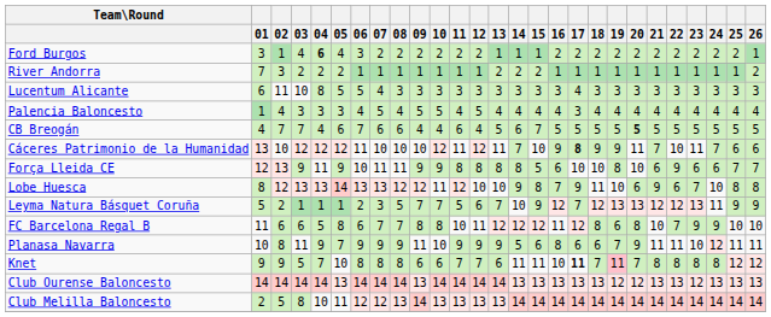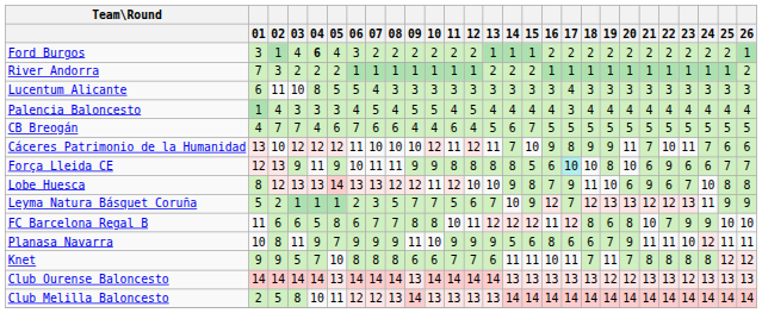 <table class="wikitable sortable" style="text-align: center;">
 <tr>
 <th>Team\Round</th>
 <th></th>
 <th></th>
 <th></th>
 <th></th>
 <th></th>
 <th></th>
 <th></th>
 <th></th>
 <th></th>
 <th></th>
 <th></th>
 <th></th>
 <th></th>
 <th></th>
 <th></th>
 <th></th>
 <th></th>
 <th></th>
 <th></th>
 <th></th>
 <th></th>
 <th></th>
 <th></th>
 <th></th>
 <th></th>
 <th></th>
 </tr>
 <tr>
 <th></th>
 <th>01</th>
 <th>02</th>
 <th>03</th>
 <th>04</th>
 <th>05</th>
 <th>06</th>
 <th>07</th>
 <th>08</th>
 <th>09</th>
 <th>10</th>
 <th>11</th>
 <th>12</th>
 <th>13</th>
 <th>14</th>
 <th>15</th>
 <th>16</th>
 <th>17</th>
 <th>18</th>
 <th>19</th>
 <th>20</th>
 <th>21</th>
 <th>22</th>
 <th>23</th>
 <th>24</th>
 <th>25</th>
 <th>26</th>
 </tr>
 <tr>
 <td align="left"><a href='#'>Ford Burgos</a></td>
 <td style="background:#D0F0C0">3</td>
 <td style="background:#ACE1AF">1</td>
 <td style="background:#D0F0C0">4</td>
 <td style="background:#D0F0C0"><strong>6</strong></td>
 <td style="background:#D0F0C0">4</td>
 <td style="background:#D0F0C0">3</td>
 <td style="background:#D0F0C0">2</td>
 <td style="background:#D0F0C0">2</td>
 <td style="background:#D0F0C0">2</td>
 <td style="background:#D0F0C0">2</td>
 <td style="background:#D0F0C0">2</td>
 <td style="background:#D0F0C0">2</td>
 <td style="background:#ACE1AF">1</td>
 <td style="background:#ACE1AF">1</td>
 <td style="background:#ACE1AF">1</td>
 <td style="background:#D0F0C0">2</td>
 <td style="background:#D0F0C0">2</td>
 <td style="background:#D0F0C0">2</td>
 <td style="background:#D0F0C0">2</td>
 <td style="background:#D0F0C0">2</td>
 <td style="background:#D0F0C0">2</td>
 <td style="background:#D0F0C0">2</td>
 <td style="background:#D0F0C0">2</td>
 <td style="background:#D0F0C0">2</td>
 <td style="background:#D0F0C0">2</td>
 <td style="background:#ACE1AF">1</td>
 </tr>
 <tr>
 <td align="left"><a href='#'>River Andorra</a></td>
 <td style="background:#D0F0C0">7</td>
 <td style="background:#D0F0C0">3</td>
 <td style="background:#D0F0C0">2</td>
 <td style="background:#D0F0C0">2</td>
 <td style="background:#D0F0C0">2</td>
 <td style="background:#ACE1AF">1</td>
 <td style="background:#ACE1AF">1</td>
 <td style="background:#ACE1AF">1</td>
 <td style="background:#ACE1AF">1</td>
 <td style="background:#ACE1AF">1</td>
 <td style="background:#ACE1AF">1</td>
 <td style="background:#ACE1AF">1</td>
 <td style="background:#D0F0C0">2</td>
 <td style="background:#D0F0C0">2</td>
 <td style="background:#D0F0C0">2</td>
 <td style="background:#ACE1AF">1</td>
 <td style="background:#ACE1AF">1</td>
 <td style="background:#ACE1AF">1</td>
 <td style="background:#ACE1AF">1</td>
 <td style="background:#ACE1AF">1</td>
 <td style="background:#ACE1AF">1</td>
 <td style="background:#ACE1AF">1</td>
 <td style="background:#ACE1AF">1</td>
 <td style="background:#ACE1AF">1</td>
 <td style="background:#ACE1AF">1</td>
 <td style="background:#D0F0C0">2</td>
 </tr>
 <tr>
 <td align="left"><a href='#'>Lucentum Alicante</a></td>
 <td style="background:#D0F0C0">6</td>
 <td>11</td>
 <td>10</td>
 <td style="background:#D0F0C0">8</td>
 <td style="background:#D0F0C0">5</td>
 <td style="background:#D0F0C0">5</td>
 <td style="background:#D0F0C0">4</td>
 <td style="background:#D0F0C0">3</td>
 <td style="background:#D0F0C0">3</td>
 <td style="background:#D0F0C0">3</td>
 <td style="background:#D0F0C0">3</td>
 <td style="background:#D0F0C0">3</td>
 <td style="background:#D0F0C0">3</td>
 <td style="background:#D0F0C0">3</td>
 <td style="background:#D0F0C0">3</td>
 <td style="background:#D0F0C0">3</td>
 <td style="background:#D0F0C0">4</td>
 <td style="background:#D0F0C0">3</td>
 <td style="background:#D0F0C0">3</td>
 <td style="background:#D0F0C0">3</td>
 <td style="background:#D0F0C0">3</td>
 <td style="background:#D0F0C0">3</td>
 <td style="background:#D0F0C0">3</td>
 <td style="background:#D0F0C0">3</td>
 <td style="background:#D0F0C0">3</td>
 <td style="background:#D0F0C0">3</td>
 </tr>
 <tr>
 <td align="left"><a href='#'>Palencia Baloncesto</a></td>
 <td style="background:#ACE1AF">1</td>
 <td style="background:#D0F0C0">4</td>
 <td style="background:#D0F0C0">3</td>
 <td style="background:#D0F0C0">3</td>
 <td style="background:#D0F0C0">3</td>
 <td style="background:#D0F0C0">4</td>
 <td style="background:#D0F0C0">5</td>
 <td style="background:#D0F0C0">4</td>
 <td style="background:#D0F0C0">5</td>
 <td style="background:#D0F0C0">5</td>
 <td style="background:#D0F0C0">4</td>
 <td style="background:#D0F0C0">5</td>
 <td style="background:#D0F0C0">4</td>
 <td style="background:#D0F0C0">4</td>
 <td style="background:#D0F0C0">4</td>
 <td style="background:#D0F0C0">4</td>
 <td style="background:#D0F0C0">3</td>
 <td style="background:#D0F0C0">4</td>
 <td style="background:#D0F0C0">4</td>
 <td style="background:#D0F0C0">4</td>
 <td style="background:#D0F0C0">4</td>
 <td style="background:#D0F0C0">4</td>
 <td style="background:#D0F0C0">4</td>
 <td style="background:#D0F0C0">4</td>
 <td style="background:#D0F0C0">4</td>
 <td style="background:#D0F0C0">4</td>
 </tr>
 <tr>
 <td align="left"><a href='#'>CB Breogán</a></td>
 <td style="background:#D0F0C0">4</td>
 <td style="background:#D0F0C0">7</td>
 <td style="background:#D0F0C0">7</td>
 <td style="background:#D0F0C0">4</td>
 <td style="background:#D0F0C0">6</td>
 <td style="background:#D0F0C0">7</td>
 <td style="background:#D0F0C0">6</td>
 <td style="background:#D0F0C0">6</td>
 <td style="background:#D0F0C0">4</td>
 <td style="background:#D0F0C0">4</td>
 <td style="background:#D0F0C0">6</td>
 <td style="background:#D0F0C0">4</td>
 <td style="background:#D0F0C0">5</td>
 <td style="background:#D0F0C0">6</td>
 <td style="background:#D0F0C0">7</td>
 <td style="background:#D0F0C0">5</td>
 <td style="background:#D0F0C0">5</td>
 <td style="background:#D0F0C0">5</td>
 <td style="background:#D0F0C0">5</td>
-<td style="background:#D0F0C0"><strong>5</strong></td>
+<td style="background:#D0F0C0">5</td>
 <td style="background:#D0F0C0">5</td>
 <td style="background:#D0F0C0">5</td>
 <td style="background:#D0F0C0">5</td>
 <td style="background:#D0F0C0">5</td>
 <td style="background:#D0F0C0">5</td>
 <td style="background:#D0F0C0">5</td>
 </tr>
 <tr>
 <td align="left"><a href='#'>Cáceres Patrimonio de la Humanidad</a></td>
 <td style="background:#FFE6E6">13</td>
 <td>10</td>
 <td style="background:#FFE6E6">12</td>
 <td style="background:#FFE6E6">12</td>
 <td style="background:#FFE6E6">12</td>
 <td>11</td>
 <td>10</td>
 <td>10</td>
 <td>10</td>
 <td style="background:#FFE6E6">12</td>
 <td>11</td>
 <td style="background:#FFE6E6">12</td>
 <td>11</td>
 <td style="background:#D0F0C0">7</td>
 <td>10</td>
 <td style="background:#D0F0C0">9</td>
-<td style="background:#D0F0C0"><strong>8</strong></td>
+<td style="background:#D0F0C0">8</td>
 <td style="background:#D0F0C0">9</td>
 <td style="background:#D0F0C0">9</td>
 <td>11</td>
 <td style="background:#D0F0C0">7</td>
 <td>10</td>
 <td>11</td>
 <td style="background:#D0F0C0">7</td>
 <td style="background:#D0F0C0">6</td>
 <td style="background:#D0F0C0">6</td>
 </tr>
 <tr>
 <td align="left"><a href='#'>Força Lleida CE</a></td>
 <td style="background:#FFE6E6">12</td>
 <td style="background:#FFE6E6">13</td>
 <td style="background:#D0F0C0">9</td>
 <td>11</td>
 <td style="background:#D0F0C0">9</td>
 <td>10</td>
 <td>11</td>
 <td>11</td>
 <td style="background:#D0F0C0">9</td>
 <td style="background:#D0F0C0">9</td>
 <td style="background:#D0F0C0">8</td>
 <td style="background:#D0F0C0">8</td>
 <td style="background:#D0F0C0">8</td>
 <td style="background:#D0F0C0">8</td>
 <td style="background:#D0F0C0">5</td>
 <td style="background:#D0F0C0">6</td>
-<td>10</td>
+<td style="background: paleturquoise;">10</td>
 <td>10</td>
 <td style="background:#D0F0C0">8</td>
 <td>10</td>
 <td style="background:#D0F0C0">6</td>
 <td style="background:#D0F0C0">9</td>
 <td style="background:#D0F0C0">6</td>
 <td style="background:#D0F0C0">6</td>
 <td style="background:#D0F0C0">7</td>
 <td style="background:#D0F0C0">7</td>
 </tr>
 <tr>
 <td align="left"><a href='#'>Lobe Huesca</a></td>
 <td style="background:#D0F0C0">8</td>
 <td style="background:#FFE6E6">12</td>
 <td style="background:#FFE6E6">13</td>
 <td style="background:#FFE6E6">13</td>
 <td style="background:#FFCCCC">14</td>
 <td style="background:#FFE6E6">13</td>
 <td style="background:#FFE6E6">13</td>
 <td style="background:#FFE6E6">12</td>
 <td style="background:#FFE6E6">12</td>
 <td>11</td>
 <td style="background:#FFE6E6">12</td>
 <td>10</td>
 <td>10</td>
 <td style="background:#D0F0C0">9</td>
 <td style="background:#D0F0C0">8</td>
 <td style="background:#D0F0C0">7</td>
 <td style="background:#D0F0C0">9</td>
 <td>11</td>
 <td>10</td>
 <td style="background:#D0F0C0">6</td>
 <td style="background:#D0F0C0">9</td>
 <td style="background:#D0F0C0">6</td>
 <td style="background:#D0F0C0">7</td>
 <td>10</td>
 <td style="background:#D0F0C0">8</td>
 <td style="background:#D0F0C0">8</td>
 </tr>
 <tr>
 <td align="left"><a href='#'>Leyma Natura Básquet Coruña</a></td>
 <td style="background:#D0F0C0">5</td>
 <td style="background:#D0F0C0">2</td>
 <td style="background:#ACE1AF">1</td>
 <td style="background:#ACE1AF">1</td>
 <td style="background:#ACE1AF">1</td>
 <td style="background:#D0F0C0">2</td>
 <td style="background:#D0F0C0">3</td>
 <td style="background:#D0F0C0">5</td>
 <td style="background:#D0F0C0">7</td>
 <td style="background:#D0F0C0">7</td>
 <td style="background:#D0F0C0">5</td>
 <td style="background:#D0F0C0">6</td>
 <td style="background:#D0F0C0">7</td>
 <td>10</td>
 <td style="background:#D0F0C0">9</td>
 <td style="background:#FFE6E6">12</td>
 <td style="background:#D0F0C0">7</td>
 <td style="background:#FFE6E6">12</td>
 <td style="background:#FFE6E6">13</td>
 <td style="background:#FFE6E6">13</td>
 <td style="background:#FFE6E6">12</td>
 <td style="background:#FFE6E6">12</td>
 <td style="background:#FFE6E6">13</td>
 <td>11</td>
 <td style="background:#D0F0C0">9</td>
 <td style="background:#D0F0C0">9</td>
 </tr>
 <tr>
 <td align="left"><a href='#'>FC Barcelona Regal B</a></td>
 <td>11</td>
 <td style="background:#D0F0C0">6</td>
 <td style="background:#D0F0C0">6</td>
 <td style="background:#D0F0C0">5</td>
 <td style="background:#D0F0C0">8</td>
 <td style="background:#D0F0C0">6</td>
 <td style="background:#D0F0C0">7</td>
 <td style="background:#D0F0C0">7</td>
 <td style="background:#D0F0C0">8</td>
 <td style="background:#D0F0C0">8</td>
 <td>10</td>
 <td>11</td>
 <td style="background:#FFE6E6">12</td>
 <td style="background:#FFE6E6">12</td>
 <td style="background:#FFE6E6">12</td>
 <td>11</td>
 <td style="background:#FFE6E6">12</td>
 <td style="background:#D0F0C0">8</td>
 <td style="background:#D0F0C0">6</td>
 <td style="background:#D0F0C0">8</td>
 <td>10</td>
 <td style="background:#D0F0C0">7</td>
 <td style="background:#D0F0C0">9</td>
 <td style="background:#D0F0C0">9</td>
 <td>10</td>
 <td>10</td>
 </tr>
 <tr>
 <td align="left"><a href='#'>Planasa Navarra</a></td>
 <td>10</td>
 <td style="background:#D0F0C0">8</td>
 <td>11</td>
 <td style="background:#D0F0C0">9</td>
 <td style="background:#D0F0C0">7</td>
 <td style="background:#D0F0C0">9</td>
 <td style="background:#D0F0C0">9</td>
 <td style="background:#D0F0C0">9</td>
 <td>11</td>
 <td>10</td>
 <td style="background:#D0F0C0">9</td>
 <td style="background:#D0F0C0">9</td>
 <td style="background:#D0F0C0">9</td>
 <td style="background:#D0F0C0">5</td>
 <td style="background:#D0F0C0">6</td>
 <td style="background:#D0F0C0">8</td>
 <td style="background:#D0F0C0">6</td>
 <td style="background:#D0F0C0">6</td>
 <td style="background:#D0F0C0">7</td>
 <td style="background:#D0F0C0">9</td>
 <td>11</td>
 <td>11</td>
 <td>10</td>
 <td style="background:#FFE6E6">12</td>
 <td>11</td>
 <td>11</td>
 </tr>
 <tr>
 <td align="left"><a href='#'>Knet</a></td>
 <td style="background:#D0F0C0">9</td>
 <td style="background:#D0F0C0">9</td>
 <td style="background:#D0F0C0">5</td>
 <td style="background:#D0F0C0">7</td>
 <td>10</td>
 <td style="background:#D0F0C0">8</td>
 <td style="background:#D0F0C0">8</td>
 <td style="background:#D0F0C0">8</td>
 <td style="background:#D0F0C0">6</td>
 <td style="background:#D0F0C0">6</td>
 <td style="background:#D0F0C0">7</td>
 <td style="background:#D0F0C0">7</td>
 <td style="background:#D0F0C0">6</td>
 <td>11</td>
 <td>11</td>
 <td>10</td>
-<td><strong>11</strong></td>
+<td>11</td>
 <td style="background:#D0F0C0">7</td>
-<td style="background: pink;">11</td>
+<td>11</td>
 <td style="background:#D0F0C0">7</td>
 <td style="background:#D0F0C0">8</td>
 <td style="background:#D0F0C0">8</td>
 <td style="background:#D0F0C0">8</td>
 <td style="background:#D0F0C0">8</td>
 <td style="background:#FFE6E6">12</td>
 <td style="background:#FFE6E6">12</td>
 </tr>
 <tr>
 <td align="left"><a href='#'>Club Ourense Baloncesto</a></td>
 <td style="background:#FFCCCC">14</td>
 <td style="background:#FFCCCC">14</td>
 <td style="background:#FFCCCC">14</td>
 <td style="background:#FFCCCC">14</td>
 <td style="background:#FFE6E6">13</td>
 <td style="background:#FFCCCC">14</td>
 <td style="background:#FFCCCC">14</td>
 <td style="background:#FFCCCC">14</td>
 <td style="background:#FFE6E6">13</td>
 <td style="background:#FFCCCC">14</td>
 <td style="background:#FFCCCC">14</td>
 <td style="background:#FFCCCC">14</td>
 <td style="background:#FFCCCC">14</td>
 <td style="background:#FFE6E6">13</td>
 <td style="background:#FFE6E6">13</td>
 <td style="background:#FFE6E6">13</td>
 <td style="background:#FFE6E6">13</td>
 <td style="background:#FFE6E6">13</td>
 <td style="background:#FFE6E6">12</td>
 <td style="background:#FFE6E6">12</td>
 <td style="background:#FFE6E6">13</td>
 <td style="background:#FFE6E6">13</td>
 <td style="background:#FFE6E6">12</td>
 <td style="background:#FFE6E6">13</td>
 <td style="background:#FFE6E6">13</td>
 <td style="background:#FFE6E6">13</td>
 </tr>
 <tr>
 <td align="left"><a href='#'>Club Melilla Baloncesto</a></td>
 <td style="background:#D0F0C0">2</td>
 <td style="background:#D0F0C0">5</td>
 <td style="background:#D0F0C0">8</td>
 <td>10</td>
 <td>11</td>
 <td style="background:#FFE6E6">12</td>
 <td style="background:#FFE6E6">12</td>
 <td style="background:#FFE6E6">13</td>
 <td style="background:#FFCCCC">14</td>
 <td style="background:#FFE6E6">13</td>
 <td style="background:#FFE6E6">13</td>
 <td style="background:#FFE6E6">13</td>
 <td style="background:#FFE6E6">13</td>
 <td style="background:#FFCCCC">14</td>
 <td style="background:#FFCCCC">14</td>
 <td style="background:#FFCCCC">14</td>
 <td style="background:#FFCCCC">14</td>
 <td style="background:#FFCCCC">14</td>
 <td style="background:#FFCCCC">14</td>
 <td style="background:#FFCCCC">14</td>
 <td style="background:#FFCCCC">14</td>
 <td style="background:#FFCCCC">14</td>
 <td style="background:#FFCCCC">14</td>
 <td style="background:#FFCCCC">14</td>
 <td style="background:#FFCCCC">14</td>
 <td style="background:#FFCCCC">14</td>
 </tr>
 <tr>
 </tr>
 </table>
